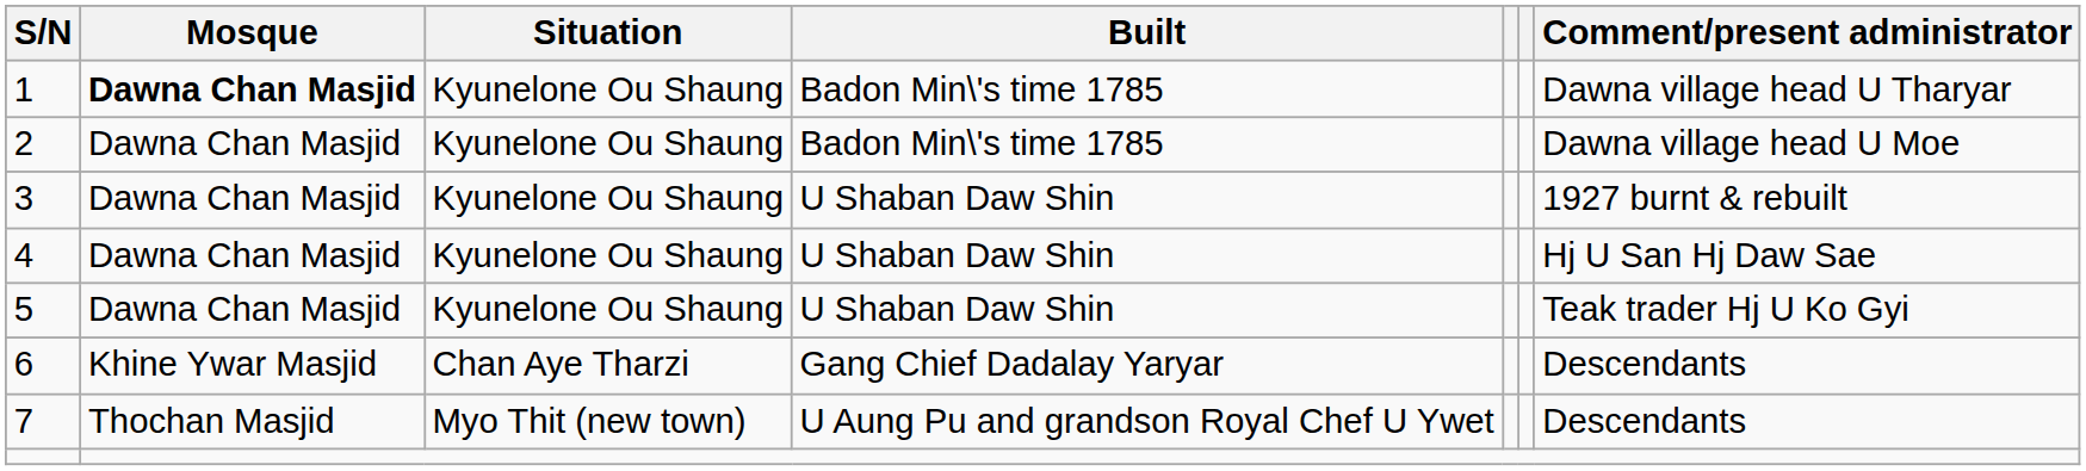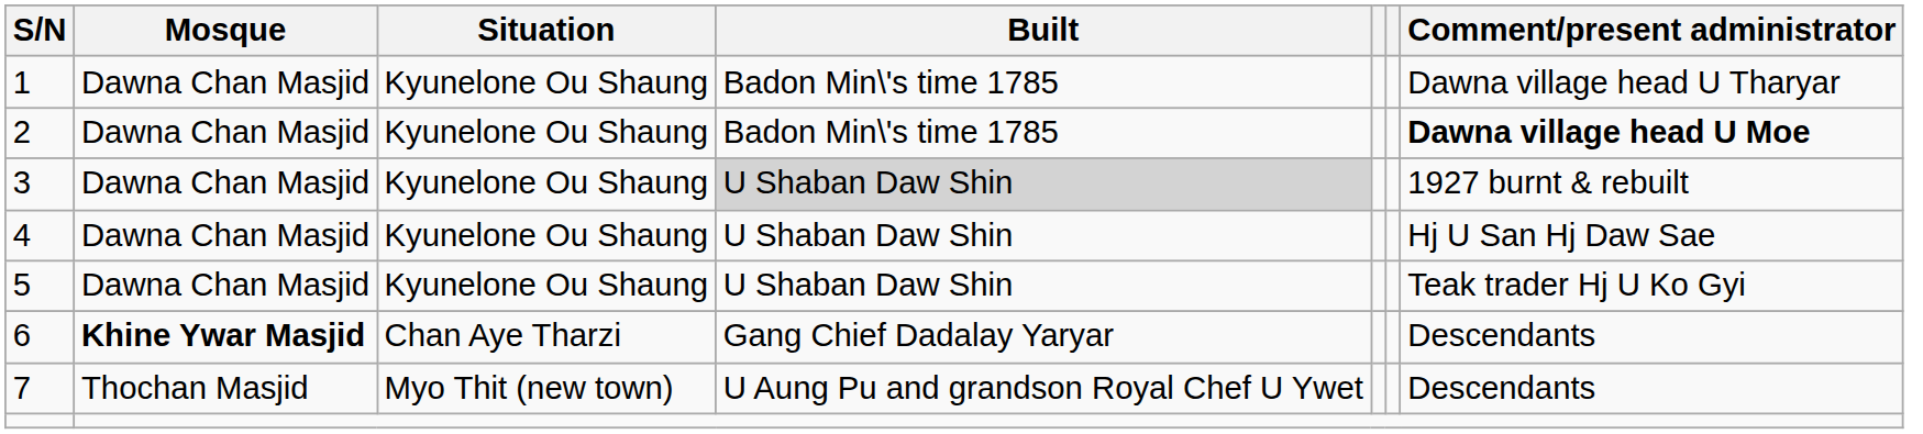 <table class="wikitable">
 <tr>
 <th>S/N</th>
 <th>Mosque</th>
 <th>Situation</th>
 <th>Built</th>
 <th></th>
 <th></th>
 <th>Comment/present administrator</th>
 </tr>
 <tr>
 <td>1</td>
-<td><strong>Dawna Chan Masjid</strong></td>
+<td>Dawna Chan Masjid</td>
 <td>Kyunelone Ou Shaung</td>
 <td>Badon Min\'s time 1785</td>
 <td></td>
 <td></td>
 <td>Dawna village head U Tharyar</td>
 </tr>
 <tr>
 <td>2</td>
 <td>Dawna Chan Masjid</td>
 <td>Kyunelone Ou Shaung</td>
 <td>Badon Min\'s time 1785</td>
 <td></td>
 <td></td>
-<td>Dawna village head U Moe</td>
+<td><strong>Dawna village head U Moe</strong></td>
 </tr>
 <tr>
 <td>3</td>
 <td>Dawna Chan Masjid</td>
 <td>Kyunelone Ou Shaung</td>
-<td>U Shaban Daw Shin</td>
+<td style="background: lightgrey;">U Shaban Daw Shin</td>
 <td></td>
 <td></td>
 <td>1927 burnt & rebuilt</td>
 </tr>
 <tr>
 <td>4</td>
 <td>Dawna Chan Masjid</td>
 <td>Kyunelone Ou Shaung</td>
 <td>U Shaban Daw Shin</td>
 <td></td>
 <td></td>
 <td>Hj U San Hj Daw Sae</td>
 </tr>
 <tr>
 <td>5</td>
 <td>Dawna Chan Masjid</td>
 <td>Kyunelone Ou Shaung</td>
 <td>U Shaban Daw Shin</td>
 <td></td>
 <td></td>
 <td>Teak trader Hj U Ko Gyi</td>
 </tr>
 <tr>
 <td>6</td>
-<td>Khine Ywar Masjid</td>
+<td><strong>Khine Ywar Masjid</strong></td>
 <td>Chan Aye Tharzi</td>
 <td>Gang Chief Dadalay Yaryar</td>
 <td></td>
 <td></td>
 <td>Descendants</td>
 </tr>
 <tr>
 <td>7</td>
 <td>Thochan Masjid</td>
 <td>Myo Thit (new town)</td>
 <td>U Aung Pu and grandson Royal Chef U Ywet</td>
 <td></td>
 <td></td>
 <td>Descendants</td>
 </tr>
 <tr>
 <td></td>
 </tr>
 </table>
